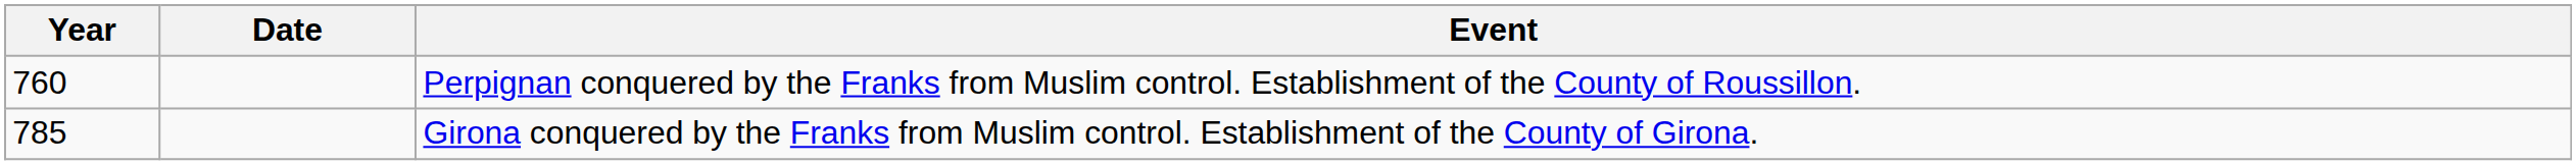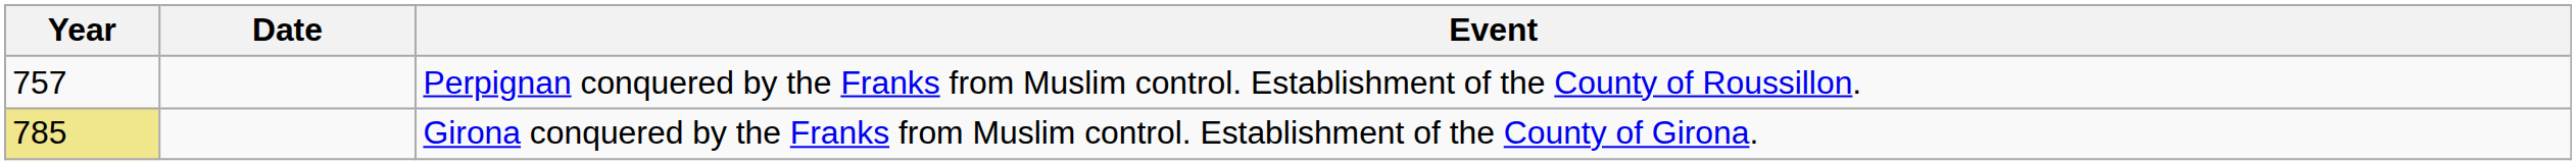 <table class="wikitable" width="100%">
 <tr>
 <th style="width:6%">Year</th>
 <th style="width:10%">Date</th>
 <th>Event</th>
 </tr>
 <tr>
-<td>760</td>
+<td>757</td>
 <td></td>
 <td><a href='#'>Perpignan</a> conquered by the <a href='#'>Franks</a> from Muslim control. Establishment of the <a href='#'>County of Roussillon</a>.</td>
 </tr>
 <tr>
-<td>785</td>
+<td style="background: khaki;">785</td>
 <td></td>
 <td><a href='#'>Girona</a> conquered by the <a href='#'>Franks</a> from Muslim control. Establishment of the <a href='#'>County of Girona</a>.</td>
 </tr>
 </table>
